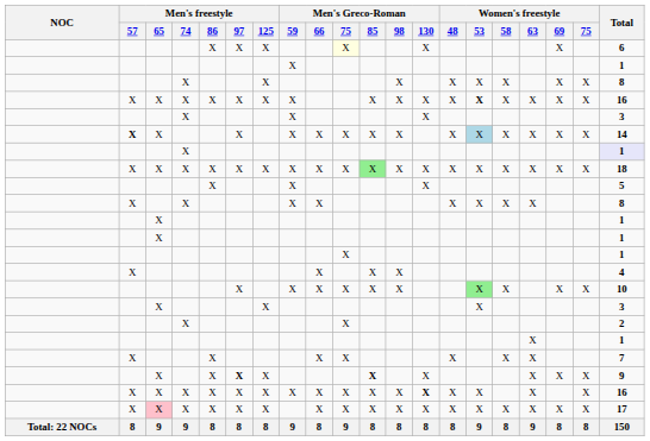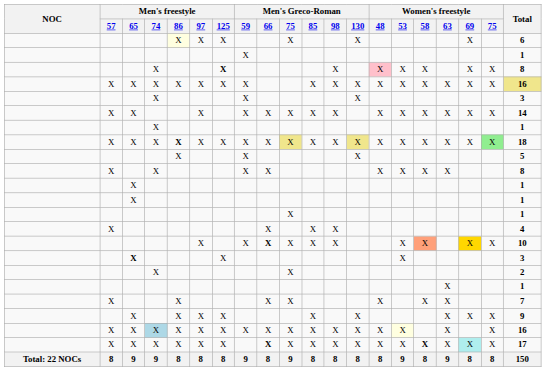 <table class="wikitable" style="text-align:center; font-size:90%">
 <tr>
 <th rowspan="2" width=150 align="left">NOC</th>
 <th colspan="6">Men's freestyle</th>
 <th colspan="6">Men's Greco-Roman</th>
 <th colspan=6>Women's freestyle</th>
 <th ! width=55 rowspan="2">Total</th>
 </tr>
 <tr>
 <th width=30><a href='#'>57</a></th>
 <th width=30><a href='#'>65</a></th>
 <th width=30><a href='#'>74</a></th>
 <th width=30><a href='#'>86</a></th>
 <th width=30><a href='#'>97</a></th>
 <th width=30><a href='#'>125</a></th>
 <th width=30><a href='#'>59</a></th>
 <th width=30><a href='#'>66</a></th>
 <th width=30><a href='#'>75</a></th>
 <th width=30><a href='#'>85</a></th>
 <th width=30><a href='#'>98</a></th>
 <th width=30><a href='#'>130</a></th>
 <th width=30><a href='#'>48</a></th>
 <th width=30><a href='#'>53</a></th>
 <th width=30><a href='#'>58</a></th>
 <th width=30><a href='#'>63</a></th>
 <th width=30><a href='#'>69</a></th>
 <th width=30><a href='#'>75</a></th>
 </tr>
 <tr>
 <td align=left></td>
 <td></td>
 <td></td>
 <td></td>
-<td>X</td>
+<td style="background: lightyellow;">X</td>
 <td>X</td>
 <td>X</td>
 <td></td>
 <td></td>
-<td style="background: lightyellow;">X</td>
+<td>X</td>
 <td></td>
 <td></td>
 <td>X</td>
 <td></td>
 <td></td>
 <td></td>
 <td></td>
 <td>X</td>
 <td></td>
 <td><strong>6</strong></td>
 </tr>
 <tr>
 <td align=left></td>
 <td></td>
 <td></td>
 <td></td>
 <td></td>
 <td></td>
 <td></td>
 <td>X</td>
 <td></td>
 <td></td>
 <td></td>
 <td></td>
 <td></td>
 <td></td>
 <td></td>
 <td></td>
 <td></td>
 <td></td>
 <td></td>
 <td><strong>1</strong></td>
 </tr>
 <tr>
 <td align=left></td>
 <td></td>
 <td></td>
 <td>X</td>
 <td></td>
 <td></td>
-<td>X</td>
+<td><strong>X</strong></td>
 <td></td>
 <td></td>
 <td></td>
 <td></td>
 <td>X</td>
 <td></td>
-<td>X</td>
+<td style="background: pink;">X</td>
 <td>X</td>
 <td>X</td>
 <td></td>
 <td>X</td>
 <td>X</td>
 <td><strong>8</strong></td>
 </tr>
 <tr>
 <td align=left></td>
 <td>X</td>
 <td>X</td>
 <td>X</td>
 <td>X</td>
 <td>X</td>
 <td>X</td>
 <td>X</td>
 <td></td>
 <td></td>
 <td>X</td>
 <td>X</td>
 <td>X</td>
 <td>X</td>
-<td><strong>X</strong></td>
 <td>X</td>
 <td>X</td>
 <td>X</td>
 <td>X</td>
-<td><strong>16</strong></td>
+<td>X</td>
+<td style="background: khaki;"><strong>16</strong></td>
 </tr>
 <tr>
 <td align=left></td>
 <td></td>
 <td></td>
 <td>X</td>
 <td></td>
 <td></td>
 <td></td>
 <td>X</td>
 <td></td>
 <td></td>
 <td></td>
 <td></td>
 <td>X</td>
 <td></td>
 <td></td>
 <td></td>
 <td></td>
 <td></td>
 <td></td>
 <td><strong>3</strong></td>
 </tr>
 <tr>
 <td align=left></td>
-<td><strong>X</strong></td>
+<td>X</td>
 <td>X</td>
 <td></td>
 <td></td>
 <td>X</td>
 <td></td>
 <td>X</td>
 <td>X</td>
 <td>X</td>
 <td>X</td>
 <td>X</td>
 <td></td>
 <td>X</td>
-<td style="background: lightblue;">X</td>
+<td>X</td>
 <td>X</td>
 <td>X</td>
 <td>X</td>
 <td>X</td>
 <td><strong>14</strong></td>
 </tr>
 <tr>
 <td align=left></td>
 <td></td>
 <td></td>
 <td>X</td>
 <td></td>
 <td></td>
 <td></td>
 <td></td>
 <td></td>
 <td></td>
 <td></td>
 <td></td>
 <td></td>
 <td></td>
 <td></td>
 <td></td>
 <td></td>
 <td></td>
 <td></td>
-<td style="background: lavender;"><strong>1</strong></td>
+<td><strong>1</strong></td>
 </tr>
 <tr>
 <td align=left></td>
 <td>X</td>
 <td>X</td>
 <td>X</td>
+<td><strong>X</strong></td>
 <td>X</td>
+<td>X</td>
+<td>X</td>
+<td>X</td>
+<td style="background: khaki;">X</td>
+<td>X</td>
+<td>X</td>
+<td style="background: khaki;">X</td>
 <td>X</td>
 <td>X</td>
 <td>X</td>
 <td>X</td>
 <td>X</td>
 <td style="background: lightgreen;">X</td>
-<td>X</td>
-<td>X</td>
-<td>X</td>
-<td>X</td>
-<td>X</td>
-<td>X</td>
-<td>X</td>
-<td>X</td>
 <td><strong>18</strong></td>
 </tr>
 <tr>
 <td align=left></td>
 <td></td>
 <td></td>
 <td></td>
 <td>X</td>
 <td></td>
 <td></td>
 <td>X</td>
 <td></td>
 <td></td>
 <td></td>
 <td></td>
 <td>X</td>
 <td></td>
 <td></td>
 <td></td>
 <td></td>
 <td></td>
 <td></td>
 <td><strong>5</strong></td>
 </tr>
 <tr>
 <td align=left></td>
 <td>X</td>
 <td></td>
 <td>X</td>
 <td></td>
 <td></td>
 <td></td>
 <td>X</td>
 <td>X</td>
 <td></td>
 <td></td>
 <td></td>
 <td></td>
 <td>X</td>
 <td>X</td>
 <td>X</td>
 <td>X</td>
 <td></td>
 <td></td>
 <td><strong>8</strong></td>
 </tr>
 <tr>
 <td align=left></td>
 <td></td>
 <td>X</td>
 <td></td>
 <td></td>
 <td></td>
 <td></td>
 <td></td>
 <td></td>
 <td></td>
 <td></td>
 <td></td>
 <td></td>
 <td></td>
 <td></td>
 <td></td>
 <td></td>
 <td></td>
 <td></td>
 <td><strong>1</strong></td>
 </tr>
 <tr>
 <td align=left></td>
 <td></td>
 <td>X</td>
 <td></td>
 <td></td>
 <td></td>
 <td></td>
 <td></td>
 <td></td>
 <td></td>
 <td></td>
 <td></td>
 <td></td>
 <td></td>
 <td></td>
 <td></td>
 <td></td>
 <td></td>
 <td></td>
 <td><strong>1</strong></td>
 </tr>
 <tr>
 <td align=left></td>
 <td></td>
 <td></td>
 <td></td>
 <td></td>
 <td></td>
 <td></td>
 <td></td>
 <td></td>
 <td>X</td>
 <td></td>
 <td></td>
 <td></td>
 <td></td>
 <td></td>
 <td></td>
 <td></td>
 <td></td>
 <td></td>
 <td><strong>1</strong></td>
 </tr>
 <tr>
 <td align=left></td>
 <td>X</td>
 <td></td>
 <td></td>
 <td></td>
 <td></td>
 <td></td>
 <td></td>
 <td>X</td>
 <td></td>
 <td>X</td>
 <td>X</td>
 <td></td>
 <td></td>
 <td></td>
 <td></td>
 <td></td>
 <td></td>
 <td></td>
 <td><strong>4</strong></td>
 </tr>
 <tr>
 <td align=left></td>
 <td></td>
 <td></td>
 <td></td>
 <td></td>
 <td>X</td>
 <td></td>
 <td>X</td>
-<td>X</td>
+<td><strong>X</strong></td>
 <td>X</td>
 <td>X</td>
 <td>X</td>
 <td></td>
 <td></td>
-<td style="background: lightgreen;">X</td>
 <td>X</td>
+<td style="background: lightsalmon;">X</td>
 <td></td>
-<td>X</td>
+<td style="background: gold;">X</td>
 <td>X</td>
 <td><strong>10</strong></td>
 </tr>
 <tr>
 <td align=left></td>
 <td></td>
-<td>X</td>
+<td><strong>X</strong></td>
 <td></td>
 <td></td>
 <td></td>
 <td>X</td>
 <td></td>
 <td></td>
 <td></td>
 <td></td>
 <td></td>
 <td></td>
 <td></td>
 <td>X</td>
 <td></td>
 <td></td>
 <td></td>
 <td></td>
 <td><strong>3</strong></td>
 </tr>
 <tr>
 <td align=left></td>
 <td></td>
 <td></td>
 <td>X</td>
 <td></td>
 <td></td>
 <td></td>
 <td></td>
 <td></td>
 <td>X</td>
 <td></td>
 <td></td>
 <td></td>
 <td></td>
 <td></td>
 <td></td>
 <td></td>
 <td></td>
 <td></td>
 <td><strong>2</strong></td>
 </tr>
 <tr>
 <td align=left></td>
 <td></td>
 <td></td>
 <td></td>
 <td></td>
 <td></td>
 <td></td>
 <td></td>
 <td></td>
 <td></td>
 <td></td>
 <td></td>
 <td></td>
 <td></td>
 <td></td>
 <td></td>
 <td>X</td>
 <td></td>
 <td></td>
 <td><strong>1</strong></td>
 </tr>
 <tr>
 <td align=left></td>
 <td>X</td>
 <td></td>
 <td></td>
 <td>X</td>
 <td></td>
 <td></td>
 <td></td>
 <td>X</td>
 <td>X</td>
 <td></td>
 <td></td>
 <td></td>
 <td>X</td>
 <td></td>
 <td>X</td>
 <td>X</td>
 <td></td>
 <td></td>
 <td><strong>7</strong></td>
 </tr>
 <tr>
 <td align=left></td>
 <td></td>
 <td>X</td>
 <td></td>
 <td>X</td>
-<td><strong>X</strong></td>
+<td>X</td>
 <td>X</td>
 <td></td>
 <td></td>
 <td></td>
-<td><strong>X</strong></td>
+<td>X</td>
 <td></td>
 <td>X</td>
 <td></td>
 <td></td>
 <td></td>
 <td>X</td>
 <td>X</td>
 <td>X</td>
 <td><strong>9</strong></td>
 </tr>
 <tr>
 <td align=left></td>
 <td>X</td>
 <td>X</td>
-<td>X</td>
-<td>X</td>
-<td>X</td>
-<td>X</td>
-<td>X</td>
-<td>X</td>
-<td>X</td>
-<td>X</td>
-<td>X</td>
-<td><strong>X</strong></td>
-<td>X</td>
-<td>X</td>
-<td></td>
-<td>X</td>
-<td></td>
-<td>X</td>
-<td><strong>16</strong></td>
-</tr>
-<tr>
-<td align=left></td>
-<td>X</td>
-<td style="background: pink;">X</td>
-<td>X</td>
-<td>X</td>
-<td>X</td>
-<td>X</td>
-<td></td>
+<td style="background: lightblue;">X</td>
 <td>X</td>
 <td>X</td>
 <td>X</td>
 <td>X</td>
 <td>X</td>
 <td>X</td>
 <td>X</td>
 <td>X</td>
 <td>X</td>
 <td>X</td>
+<td style="background: lightyellow;">X</td>
+<td></td>
+<td>X</td>
+<td></td>
+<td>X</td>
+<td><strong>16</strong></td>
+</tr>
+<tr>
+<td align=left></td>
+<td>X</td>
+<td>X</td>
+<td>X</td>
+<td>X</td>
+<td>X</td>
+<td>X</td>
+<td></td>
+<td><strong>X</strong></td>
+<td>X</td>
+<td>X</td>
+<td>X</td>
+<td>X</td>
+<td>X</td>
+<td>X</td>
+<td><strong>X</strong></td>
+<td>X</td>
+<td style="background: paleturquoise;">X</td>
 <td>X</td>
 <td><strong>17</strong></td>
 </tr>
 <tr>
 <th>Total: 22 NOCs</th>
 <th>8</th>
 <th>9</th>
 <th>9</th>
 <th>8</th>
 <th>8</th>
 <th>8</th>
 <th>9</th>
 <th>8</th>
 <th>9</th>
 <th>8</th>
 <th>8</th>
 <th>8</th>
 <th>8</th>
 <th>9</th>
 <th>8</th>
 <th>9</th>
 <th>8</th>
 <th>8</th>
 <th>150</th>
 </tr>
 </table>
